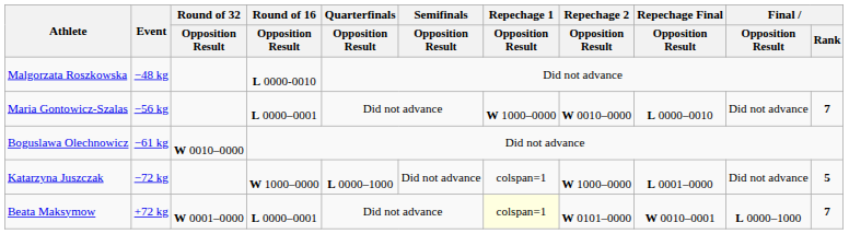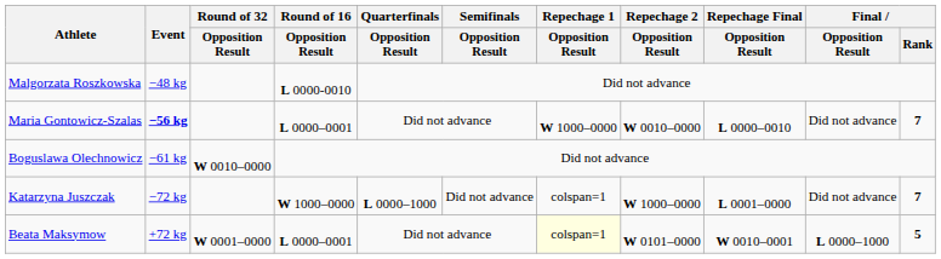 <table class="wikitable" style="font-size:90%">
 <tr>
 <th rowspan="2">Athlete</th>
 <th rowspan="2">Event</th>
 <th>Round of 32</th>
 <th>Round of 16</th>
 <th>Quarterfinals</th>
 <th>Semifinals</th>
 <th>Repechage 1</th>
 <th>Repechage 2</th>
 <th>Repechage Final</th>
 <th colspan=2>Final / </th>
 </tr>
 <tr style="font-size:95%">
 <th>Opposition<br>Result</th>
 <th>Opposition<br>Result</th>
 <th>Opposition<br>Result</th>
 <th>Opposition<br>Result</th>
 <th>Opposition<br>Result</th>
 <th>Opposition<br>Result</th>
 <th>Opposition<br>Result</th>
 <th>Opposition<br>Result</th>
 <th>Rank</th>
 </tr>
 <tr align=center>
 <td align=left><a href='#'>Malgorzata Roszkowska</a></td>
 <td align=left><a href='#'>−48 kg</a></td>
 <td></td>
 <td><br><strong>L</strong> 0000-0010</td>
 <td colspan= 7>Did not advance</td>
 </tr>
 <tr align=center>
 <td align=left><a href='#'>Maria Gontowicz-Szalas</a></td>
-<td align=left><a href='#'>−56 kg</a></td>
+<td align=left><strong><a href='#'>−56 kg</a></strong></td>
 <td></td>
 <td><br><strong>L</strong> 0000–0001</td>
 <td colspan= 2>Did not advance</td>
 <td><br><strong>W</strong> 1000–0000</td>
 <td><br><strong>W</strong> 0010–0000</td>
 <td><br><strong>L</strong> 0000–0010</td>
 <td colspan= 1>Did not advance</td>
 <td><strong>7</strong></td>
 </tr>
 <tr align=center>
 <td align=left><a href='#'>Boguslawa Olechnowicz</a></td>
 <td align=left><a href='#'>−61 kg</a></td>
 <td><br><strong>W</strong> 0010–0000</td>
 <td colspan=8>Did not advance</td>
 </tr>
 <tr align=center>
 <td align=left><a href='#'>Katarzyna Juszczak</a></td>
 <td align=left><a href='#'>−72 kg</a></td>
 <td></td>
 <td><br><strong>W</strong> 1000–0000</td>
 <td><br><strong>L</strong> 0000–1000</td>
 <td colspan=1>Did not advance</td>
 <td>colspan=1 </td>
 <td><br><strong>W</strong> 1000–0000</td>
 <td><br><strong>L</strong> 0001–0000</td>
 <td colspan= 1>Did not advance</td>
-<td><strong>5</strong></td>
+<td><strong>7</strong></td>
 </tr>
 <tr align=center>
 <td align=left><a href='#'>Beata Maksymow</a></td>
 <td align=left><a href='#'>+72 kg</a></td>
 <td><br><strong>W</strong> 0001–0000</td>
 <td><br><strong>L</strong> 0000–0001</td>
 <td colspan= 2>Did not advance</td>
 <td style="background: lightyellow;">colspan=1 </td>
 <td><br><strong>W</strong> 0101–0000</td>
 <td><br><strong>W</strong> 0010–0001</td>
 <td><br><strong>L</strong> 0000–1000</td>
-<td><strong>7</strong></td>
+<td><strong>5</strong></td>
 </tr>
 </table>
